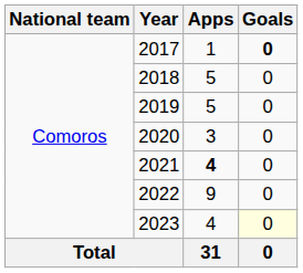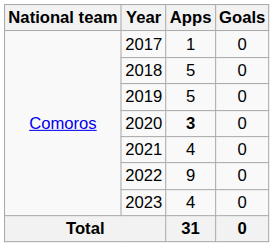 <table class="wikitable" style="text-align:center">
 <tr>
 <th>National team</th>
 <th>Year</th>
 <th>Apps</th>
 <th>Goals</th>
 </tr>
 <tr>
 <td rowspan=7><a href='#'>Comoros</a></td>
 <td>2017</td>
 <td>1</td>
-<td><strong>0</strong></td>
+<td>0</td>
 </tr>
 <tr>
 <td>2018</td>
 <td>5</td>
 <td>0</td>
 </tr>
 <tr>
 <td>2019</td>
 <td>5</td>
 <td>0</td>
 </tr>
 <tr>
 <td>2020</td>
-<td>3</td>
+<td><strong>3</strong></td>
 <td>0</td>
 </tr>
 <tr>
 <td>2021</td>
-<td><strong>4</strong></td>
+<td>4</td>
 <td>0</td>
 </tr>
 <tr>
 <td>2022</td>
 <td>9</td>
 <td>0</td>
 </tr>
 <tr>
 <td>2023</td>
 <td>4</td>
-<td style="background: lightyellow;">0</td>
+<td>0</td>
 </tr>
 <tr>
 <th colspan=2>Total</th>
 <th>31</th>
 <th>0</th>
 </tr>
 </table>
